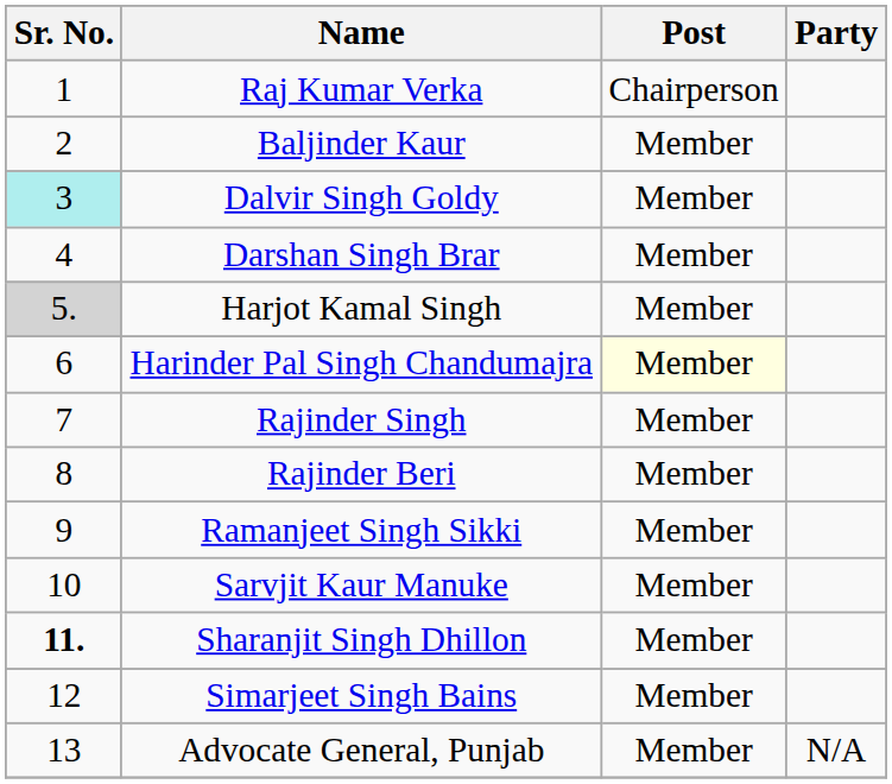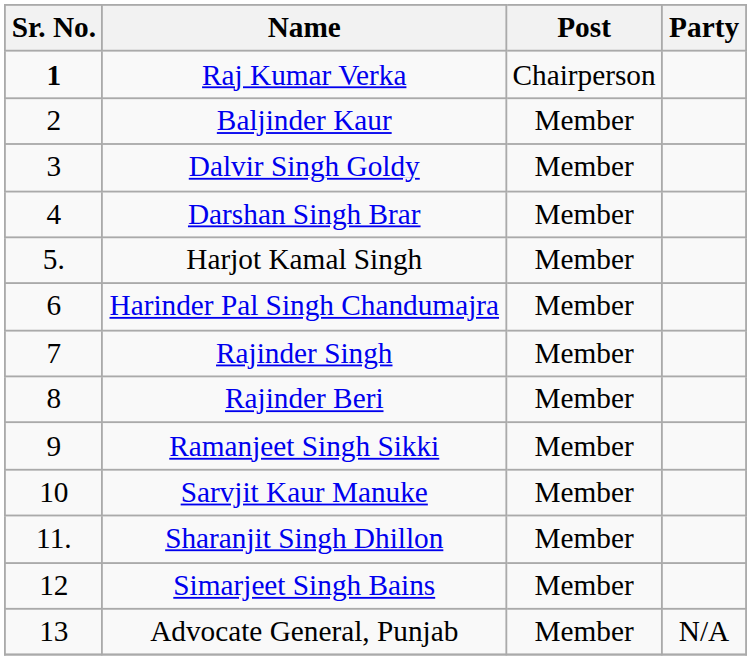 <table class="wikitable sortable">
 <tr>
 <th>Sr. No.</th>
 <th>Name</th>
 <th>Post</th>
 <th colspan="2">Party</th>
 </tr>
 <tr align="center">
-<td>1</td>
+<td><strong>1</strong></td>
 <td><a href='#'>Raj Kumar Verka</a></td>
 <td>Chairperson</td>
 <td></td>
 </tr>
 <tr align="center">
 <td>2</td>
 <td><a href='#'>Baljinder Kaur</a></td>
 <td>Member</td>
 <td></td>
 </tr>
 <tr align="center">
-<td style="background: paleturquoise;">3</td>
+<td>3</td>
 <td><a href='#'>Dalvir Singh Goldy</a></td>
 <td>Member</td>
 <td></td>
 </tr>
 <tr align="center">
 <td>4</td>
 <td><a href='#'>Darshan Singh Brar</a></td>
 <td>Member</td>
 <td></td>
 </tr>
 <tr align="center">
-<td style="background: lightgrey;">5.</td>
+<td>5.</td>
 <td>Harjot Kamal Singh</td>
 <td>Member</td>
 <td></td>
 </tr>
 <tr align="center">
 <td>6</td>
 <td><a href='#'>Harinder Pal Singh Chandumajra</a></td>
-<td style="background: lightyellow;">Member</td>
+<td>Member</td>
 <td></td>
 </tr>
 <tr align="center">
 <td>7</td>
 <td><a href='#'>Rajinder Singh</a></td>
 <td>Member</td>
 <td></td>
 </tr>
 <tr align="center">
 <td>8</td>
 <td><a href='#'>Rajinder Beri</a></td>
 <td>Member</td>
 <td></td>
 </tr>
 <tr align="center">
 <td>9</td>
 <td><a href='#'>Ramanjeet Singh Sikki</a></td>
 <td>Member</td>
 <td></td>
 </tr>
 <tr align="center">
 <td>10</td>
 <td><a href='#'>Sarvjit Kaur Manuke</a></td>
 <td>Member</td>
 <td></td>
 </tr>
 <tr align="center">
-<td><strong>11.</strong></td>
+<td>11.</td>
 <td><a href='#'>Sharanjit Singh Dhillon</a></td>
 <td>Member</td>
 <td></td>
 </tr>
 <tr align="center">
 <td>12</td>
 <td><a href='#'>Simarjeet Singh Bains</a></td>
 <td>Member</td>
 <td></td>
 </tr>
 <tr align="center">
 <td>13</td>
 <td>Advocate General, Punjab</td>
 <td>Member</td>
 <td colspan=2>N/A</td>
 </tr>
 <tr align="center">
 </tr>
 </table>
